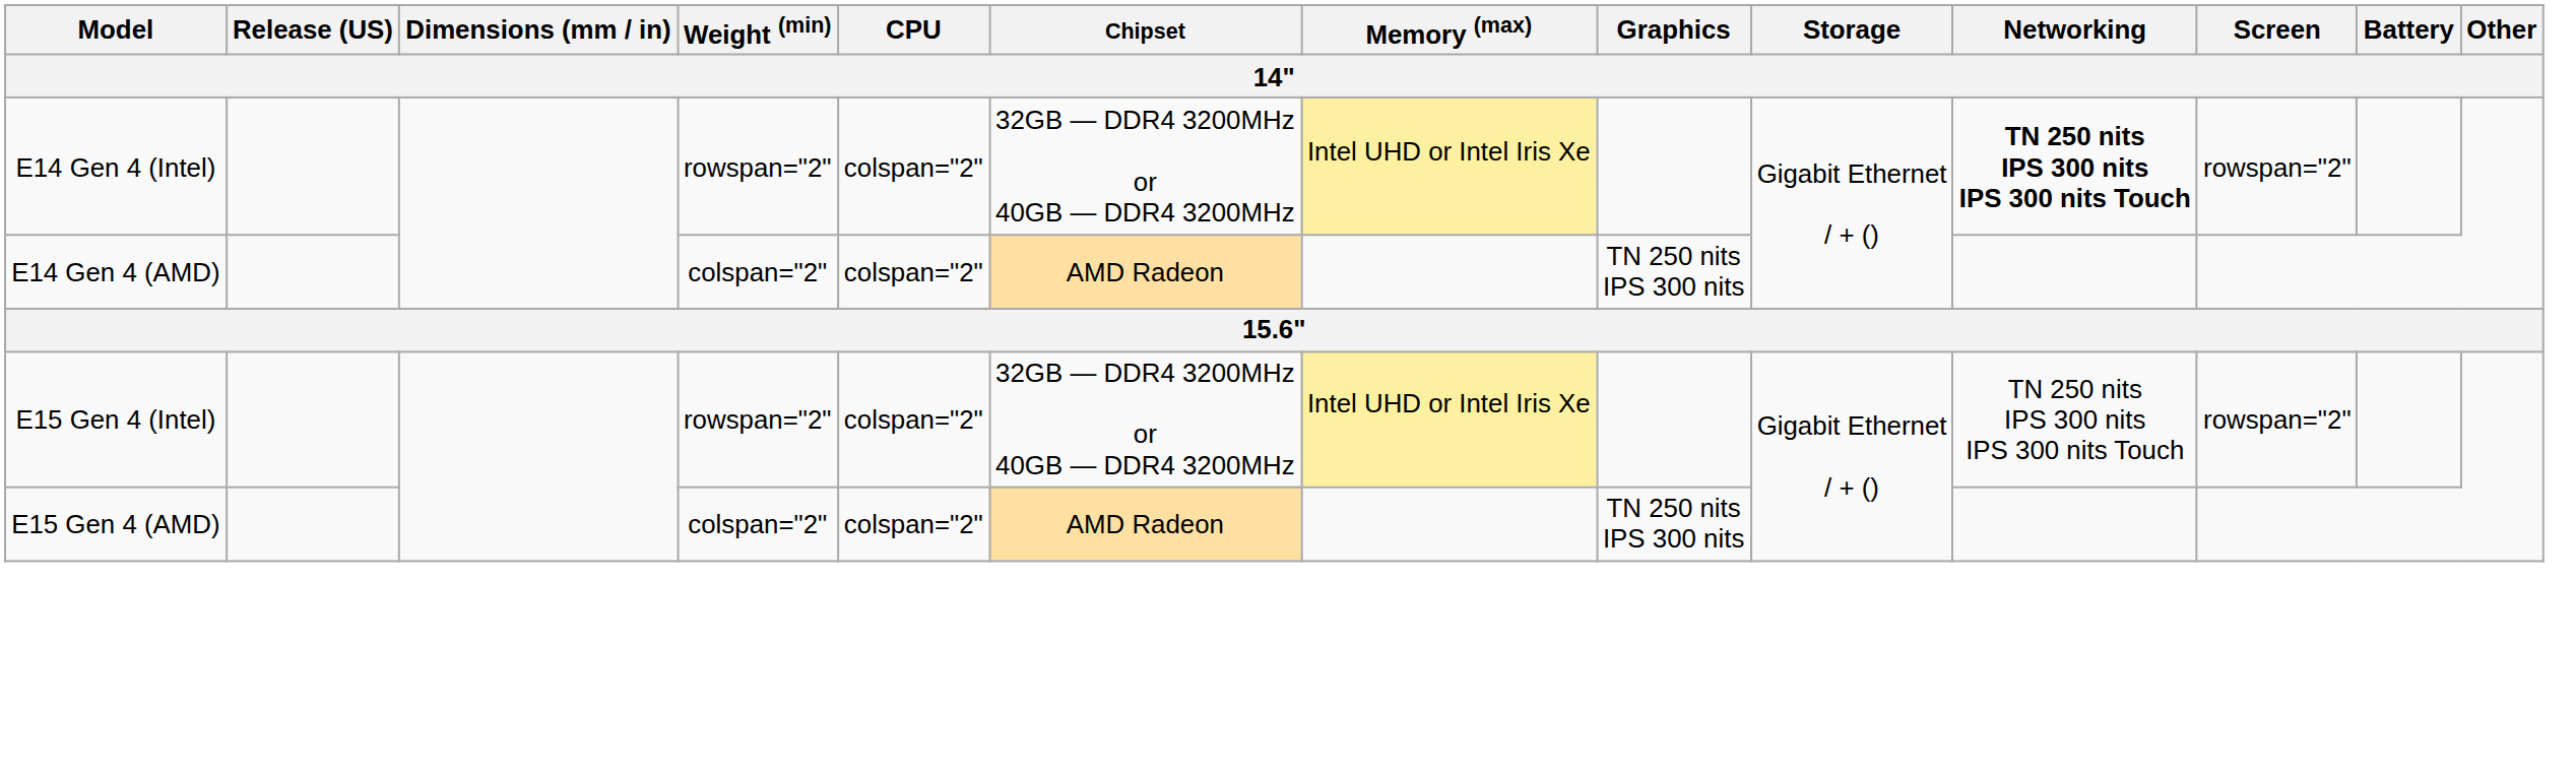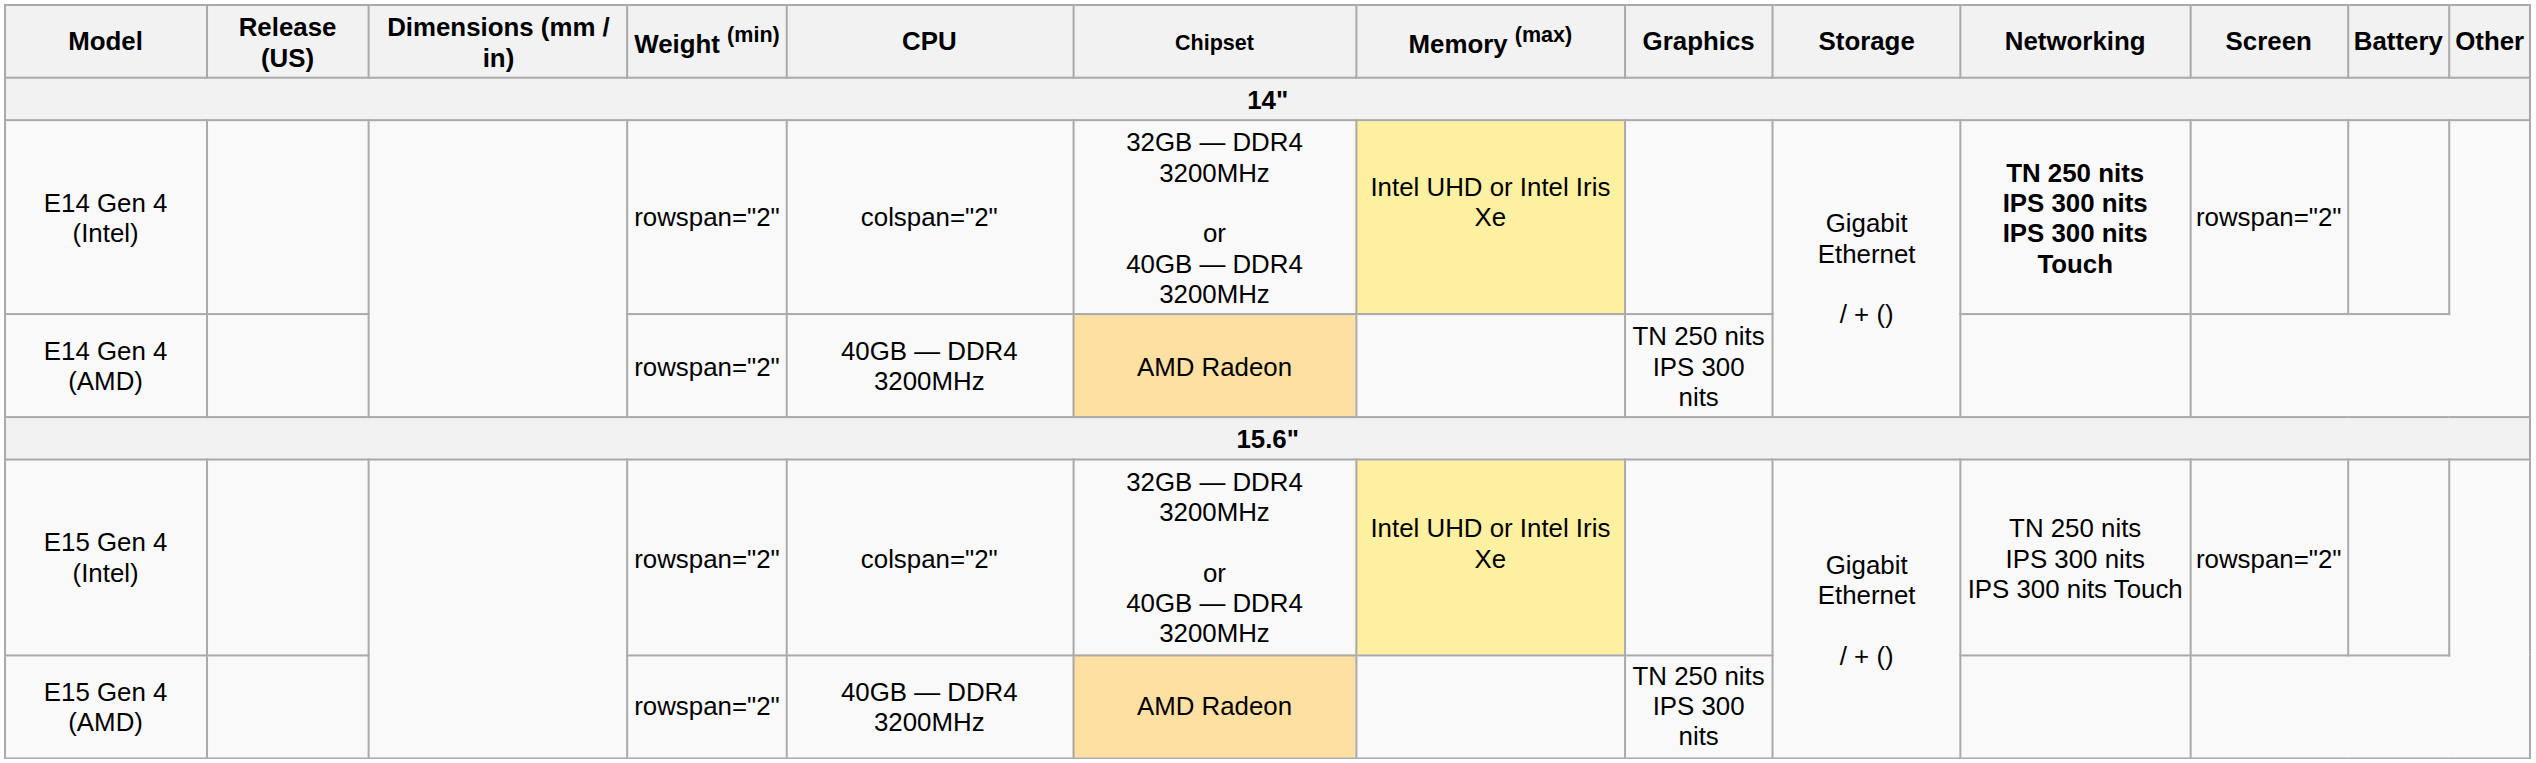 <table class="wikitable" style="font-size: 80%; text-align: center; min-width: 80%;">
 <tr>
 <th>Model</th>
 <th>Release (US)</th>
 <th>Dimensions (mm / in)</th>
 <th>Weight <sup>(min)</sup></th>
 <th>CPU</th>
 <th><small>Chipset</small></th>
 <th>Memory <sup>(max)</sup></th>
 <th>Graphics</th>
 <th>Storage</th>
 <th>Networking</th>
 <th>Screen</th>
 <th>Battery</th>
 <th>Other</th>
 </tr>
 <tr>
 <th colspan="13">14"</th>
 </tr>
 <tr>
 <td>E14 Gen 4 (Intel)</td>
 <td></td>
 <td rowspan="2"></td>
 <td>rowspan="2" </td>
 <td>colspan="2" </td>
 <td style="background:">32GB — DDR4 3200MHz<br><br>or<br>40GB — DDR4 3200MHz<br> </td>
 <td style="background:#fdf1a1;">Intel UHD  or Intel Iris Xe<br><br></td>
 <td></td>
 <td rowspan="2">Gigabit Ethernet<br><br> /  +  ()<br><small> </small></td>
 <td style="background:"><strong> TN 250 nits<br> IPS 300 nits<br> IPS 300 nits Touch</strong></td>
 <td>rowspan="2" </td>
 <td></td>
 </tr>
 <tr>
 <td>E14 Gen 4 (AMD)</td>
 <td></td>
-<td>colspan="2" </td>
-<td>colspan="2" </td>
+<td>rowspan="2" </td>
+<td style="background:">40GB — DDR4 3200MHz<br> </td>
 <td style="background:#fee0a3;">AMD Radeon</td>
 <td></td>
 <td style="background:"> TN 250 nits<br> IPS 300 nits</td>
 <td></td>
 </tr>
 <tr>
 <th colspan="13">15.6"</th>
 </tr>
 <tr>
 <td>E15 Gen 4 (Intel)</td>
 <td></td>
 <td rowspan="2"></td>
 <td>rowspan="2" </td>
 <td>colspan="2" </td>
 <td style="background:">32GB — DDR4 3200MHz<br><br>or<br>40GB — DDR4 3200MHz<br> </td>
 <td style="background:#fdf1a1;">Intel UHD  or Intel Iris Xe<br><br></td>
 <td></td>
 <td rowspan="2">Gigabit Ethernet<br><br> /  +  ()<br><small> </small></td>
 <td style="background:"> TN 250 nits<br> IPS 300 nits<br> IPS 300 nits Touch</td>
 <td>rowspan="2" </td>
 <td></td>
 </tr>
 <tr>
 <td>E15 Gen 4 (AMD)</td>
 <td></td>
-<td>colspan="2" </td>
-<td>colspan="2" </td>
+<td>rowspan="2" </td>
+<td style="background:">40GB — DDR4 3200MHz<br> </td>
 <td style="background:#fee0a3;">AMD Radeon</td>
 <td></td>
 <td style="background:"> TN 250 nits<br> IPS 300 nits</td>
 <td></td>
 </tr>
 </table>
